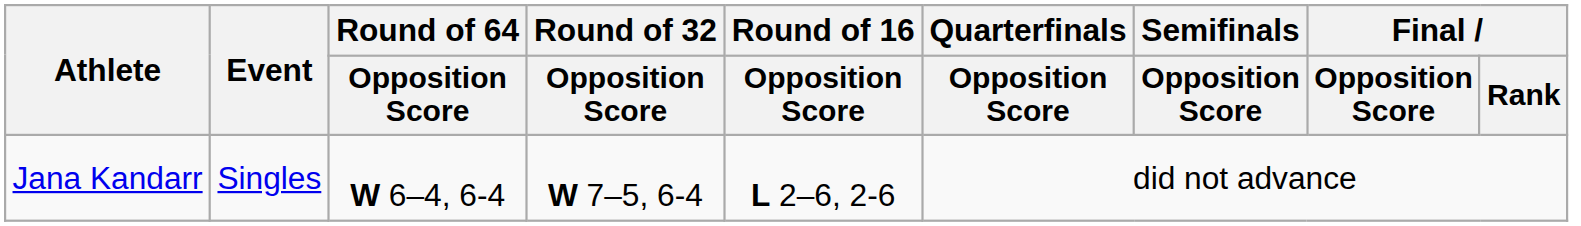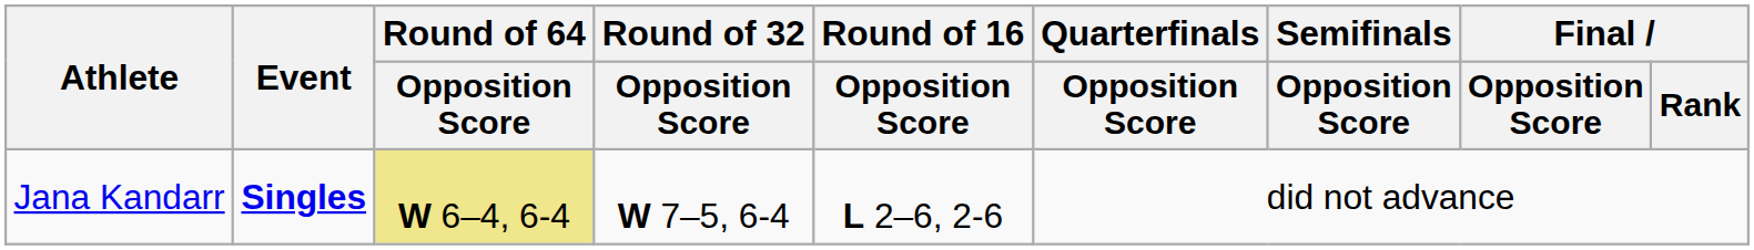 <table class=wikitable style="font-size:90%">
 <tr>
 <th rowspan="2">Athlete</th>
 <th rowspan="2">Event</th>
 <th>Round of 64</th>
 <th>Round of 32</th>
 <th>Round of 16</th>
 <th>Quarterfinals</th>
 <th>Semifinals</th>
 <th colspan=2>Final / </th>
 </tr>
 <tr style="font-size:95%">
 <th>Opposition<br>Score</th>
 <th>Opposition<br>Score</th>
 <th>Opposition<br>Score</th>
 <th>Opposition<br>Score</th>
 <th>Opposition<br>Score</th>
 <th>Opposition<br>Score</th>
 <th>Rank</th>
 </tr>
 <tr>
 <td align=left><a href='#'>Jana Kandarr</a></td>
-<td align=left><a href='#'>Singles</a></td>
-<td align=center><br><strong>W</strong> 6–4, 6-4</td>
+<td align=left><strong><a href='#'>Singles</a></strong></td>
+<td align=center style="background: khaki;"><br><strong>W</strong> 6–4, 6-4</td>
 <td align=center><br><strong>W</strong> 7–5, 6-4</td>
 <td align=center><br><strong>L</strong> 2–6, 2-6</td>
 <td align=center colspan=4>did not advance</td>
 </tr>
 </table>
